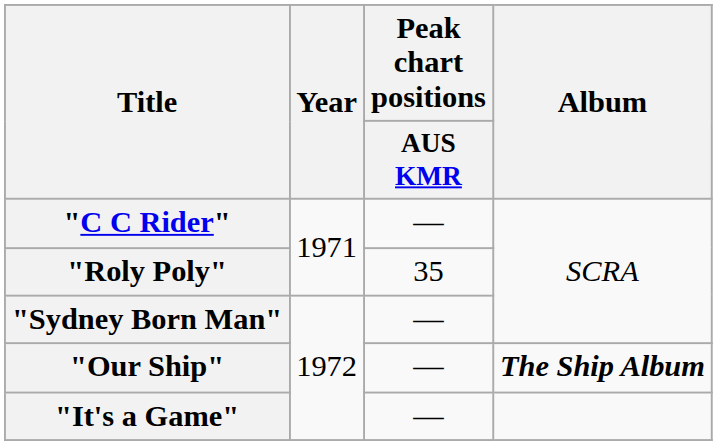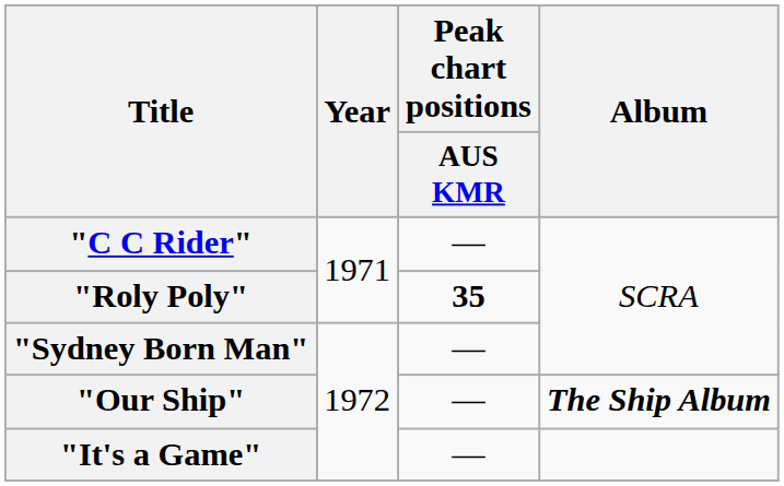 <table class="wikitable plainrowheaders" style="text-align:center;" border="1">
 <tr>
 <th scope="col" rowspan="2">Title</th>
 <th scope="col" rowspan="2">Year</th>
 <th scope="col" colspan="1">Peak chart positions</th>
 <th scope="col" rowspan="2">Album</th>
 </tr>
 <tr>
 <th scope="col" style="width:3em;font-size:90%;">AUS<br><a href='#'>KMR</a><br></th>
 </tr>
 <tr>
 <th scope="row">"<a href='#'>C C Rider</a>"</th>
 <td rowspan="2">1971</td>
 <td>—</td>
 <td rowspan="3"><em>SCRA</em></td>
 </tr>
 <tr>
 <th scope="row">"Roly Poly"</th>
-<td>35</td>
+<td><strong>35</strong></td>
 </tr>
 <tr>
 <th scope="row">"Sydney Born Man"</th>
 <td rowspan="3">1972</td>
 <td>—</td>
 </tr>
 <tr>
 <th scope="row">"Our Ship"</th>
 <td>—</td>
 <td><strong><em>The Ship Album</em></strong></td>
 </tr>
 <tr>
 <th scope="row">"It's a Game"</th>
 <td>—</td>
 <td></td>
 </tr>
 </table>
